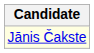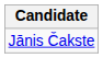 <table class="wikitable" style="text-align: left;">
 <tr>
 <th>Candidate</th>
 </tr>
 <tr>
-<td style="background: lightyellow;"><a href='#'>Jānis Čakste</a></td>
+<td><a href='#'>Jānis Čakste</a></td>
 </tr>
 </table>
